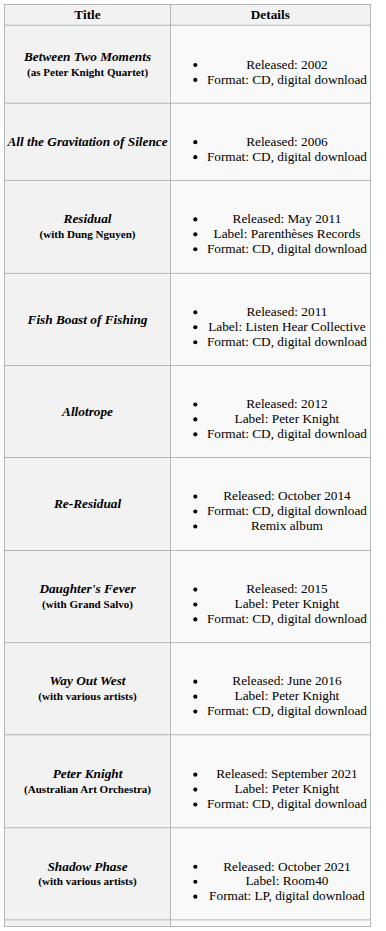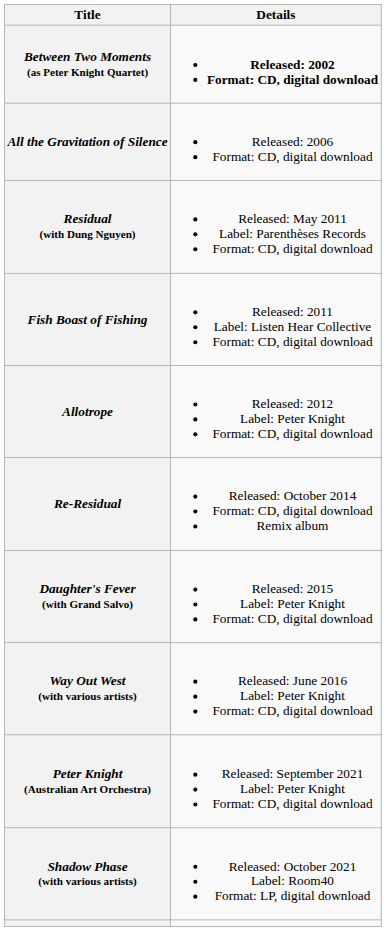 <table class="wikitable plainrowheaders" style="text-align:center;" border="1">
 <tr>
 <th>Title</th>
 <th>Details</th>
 </tr>
 <tr>
 <th scope="row"><em>Between Two Moments</em> <br> <small>(as Peter Knight Quartet)</small></th>
-<td><br><ul><li>Released: 2002</li><li>Format: CD, digital download</li></ul></td>
+<td><strong><br><ul><li>Released: 2002</li><li>Format: CD, digital download</li></ul></strong></td>
 </tr>
 <tr>
 <th scope="row"><em>All the Gravitation of Silence</em></th>
 <td><br><ul><li>Released: 2006</li><li>Format: CD, digital download</li></ul></td>
 </tr>
 <tr>
 <th scope="row"><em>Residual</em> <br> <small>(with Dung Nguyen)</small></th>
 <td><br><ul><li>Released: May 2011</li><li>Label: Parenthèses Records</li><li>Format: CD, digital download</li></ul></td>
 </tr>
 <tr>
 <th scope="row"><em>Fish Boast of Fishing</em></th>
 <td><br><ul><li>Released: 2011</li><li>Label: Listen Hear Collective</li><li>Format: CD, digital download</li></ul></td>
 </tr>
 <tr>
 <th scope="row"><em>Allotrope</em></th>
 <td><br><ul><li>Released: 2012</li><li>Label: Peter Knight</li><li>Format: CD, digital download</li></ul></td>
 </tr>
 <tr>
 <th scope="row"><em>Re-Residual</em></th>
 <td><br><ul><li>Released: October 2014</li><li>Format: CD, digital download</li><li>Remix album</li></ul></td>
 </tr>
 <tr>
 <th scope="row"><em>Daughter's Fever</em> <br> <small>(with Grand Salvo)</small></th>
 <td><br><ul><li>Released: 2015</li><li>Label: Peter Knight</li><li>Format: CD, digital download</li></ul></td>
 </tr>
 <tr>
 <th scope="row"><em>Way Out West</em> <br> <small>(with various artists)</small></th>
 <td><br><ul><li>Released: June 2016</li><li>Label: Peter Knight</li><li>Format: CD, digital download</li></ul></td>
 </tr>
 <tr>
 <th scope="row"><em>Peter Knight</em> <br> <small>(Australian Art Orchestra)</small></th>
 <td><br><ul><li>Released: September 2021</li><li>Label: Peter Knight</li><li>Format: CD, digital download</li></ul></td>
 </tr>
 <tr>
 <th scope="row"><em>Shadow Phase</em><br> <small>(with various artists)</small></th>
 <td><br><ul><li>Released: October 2021</li><li>Label: Room40</li><li>Format: LP, digital download</li></ul></td>
 </tr>
 <tr>
 <th></th>
 <td></td>
 </tr>
 </table>
